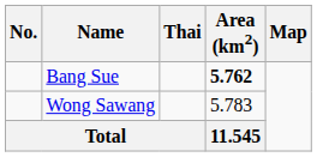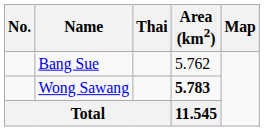 <table class="wikitable sortable">
 <tr>
 <th>No.</th>
 <th>Name</th>
 <th>Thai</th>
 <th>Area<br>(km<sup>2</sup>)</th>
 <th>Map</th>
 </tr>
 <tr>
 <td></td>
 <td><a href='#'>Bang Sue</a></td>
 <td></td>
-<td><strong><div>5.762</div></strong></td>
+<td><div>5.762</div></td>
 <td rowspan=3></td>
 </tr>
 <tr>
 <td></td>
 <td><a href='#'>Wong Sawang</a></td>
 <td></td>
-<td><div>5.783</div></td>
+<td><strong><div>5.783</div></strong></td>
 </tr>
 <tr>
 <th colspan=3>Total</th>
 <th><div>11.545</div></th>
 </tr>
 </table>
